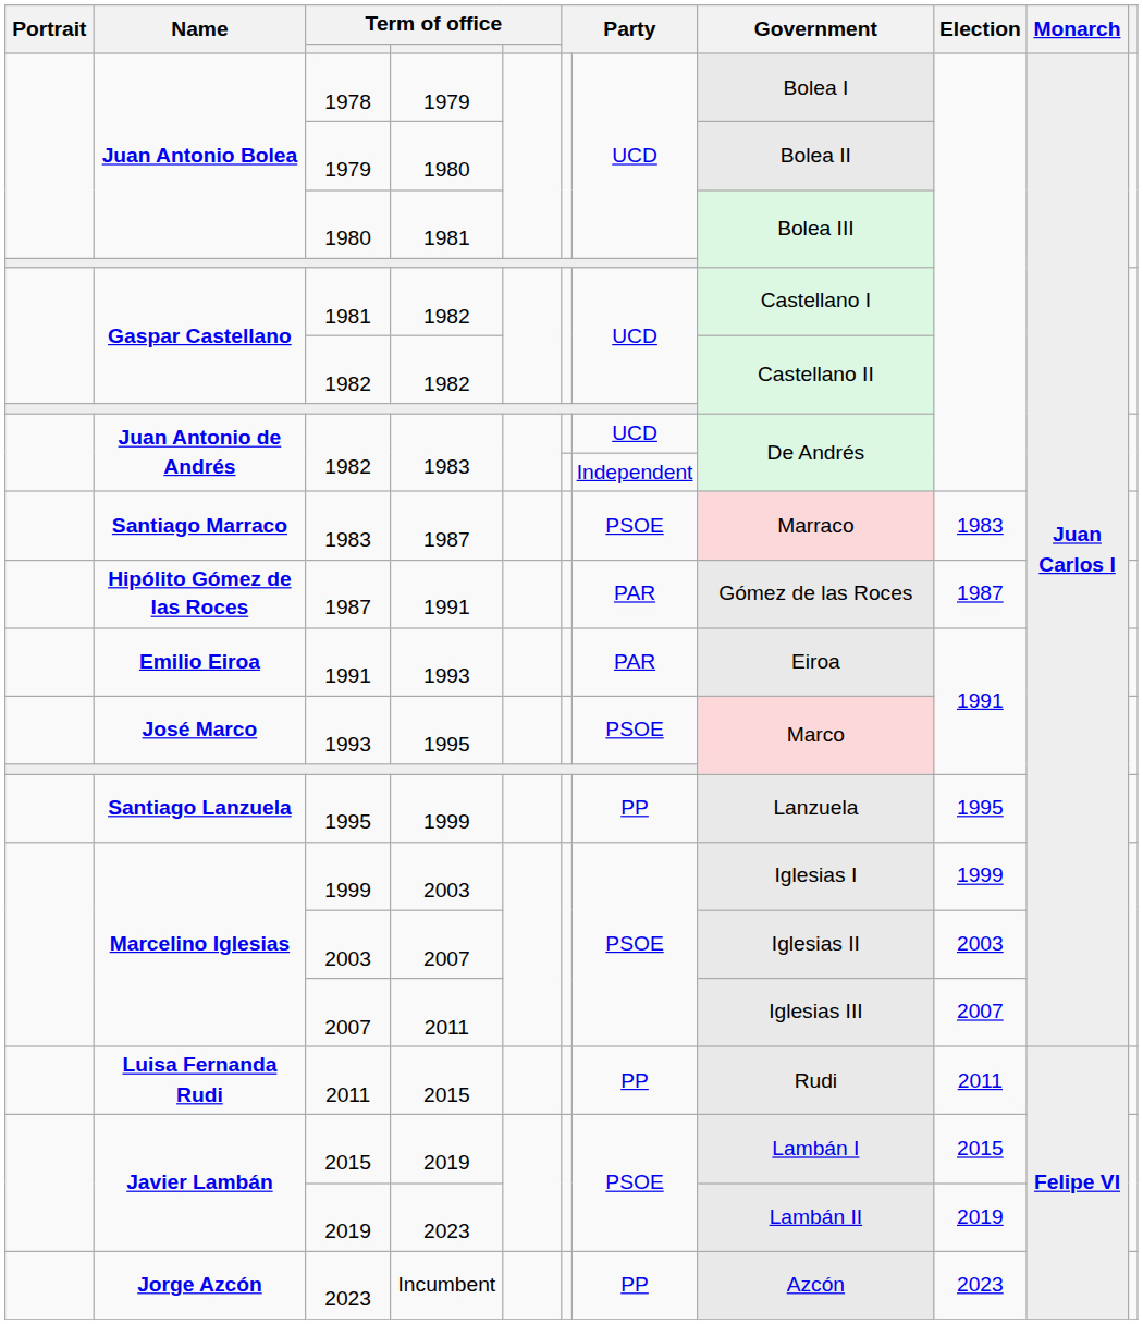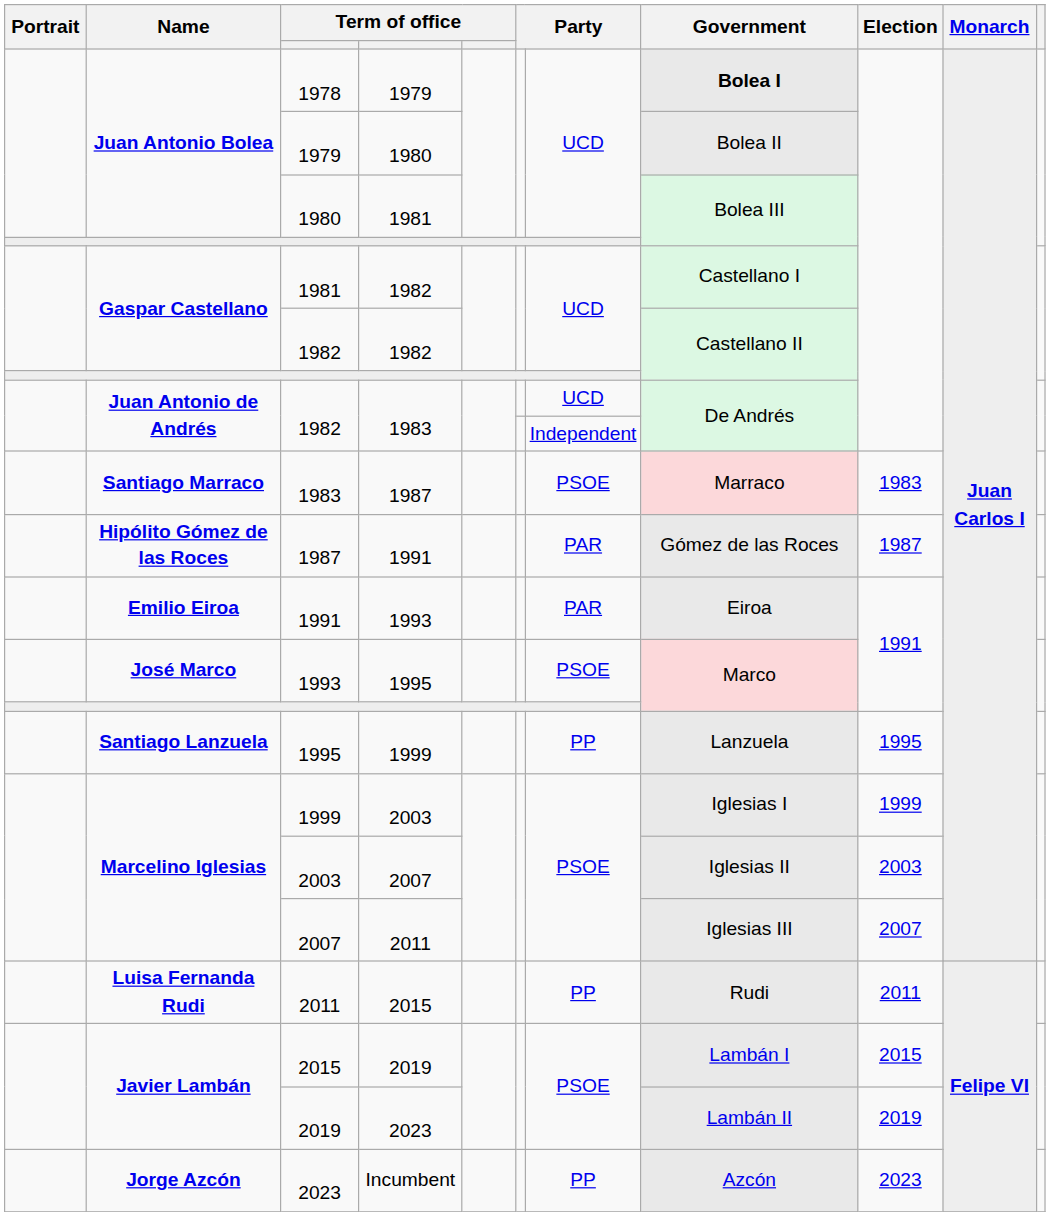 <table class="wikitable" style="line-height:1.4em; text-align:center; border:1px #aaf solid;">
 <tr>
 <th rowspan="2" width="65">Portrait</th>
 <th rowspan="2" width="250">Name<br></th>
 <th colspan="3">Term of office</th>
 <th rowspan="2" colspan="2" width="90">Party</th>
 <th rowspan="2" width="275">Government<br></th>
 <th rowspan="2" width="65">Election</th>
 <th rowspan="2" width="75"><a href='#'>Monarch</a><br></th>
 <th rowspan="2"></th>
 </tr>
 <tr>
 <th width="85"></th>
 <th width="85"></th>
 <th width="85"></th>
 </tr>
 <tr>
 <td rowspan="3" width="65"></td>
 <td rowspan="3"><strong><a href='#'>Juan Antonio Bolea</a></strong><br></td>
 <td class="nowrap"><br>1978</td>
 <td class="nowrap"><br>1979</td>
 <td rowspan="3" style="font-size:95%;"></td>
 <td rowspan="3" width="1" style="color:inherit;background:"></td>
 <td rowspan="3"><a href='#'>UCD</a></td>
-<td style="background:#E9E9E9;">Bolea I<br></td>
+<td style="background:#E9E9E9;"><strong>Bolea I<br></strong></td>
 <td rowspan="9" style="color:#ccc;"></td>
 <td scope="row" style="text-align:center;" rowspan="19" bgcolor="#EEEEEE"><br><strong><a href='#'>Juan Carlos I</a></strong><br><br></td>
 <td rowspan="4"><br><br></td>
 </tr>
 <tr>
 <td class="nowrap"><br>1979</td>
 <td class="nowrap"><br>1980</td>
 <td style="background:#E9E9E9;">Bolea II<br></td>
 </tr>
 <tr>
 <td class="nowrap"><br>1980</td>
 <td class="nowrap"><br>1981<br></td>
 <td rowspan="2" style="background:#DCF8E3;">Bolea III<br></td>
 </tr>
 <tr>
 <td colspan="7" style="background:#EEEEEE;"></td>
 </tr>
 <tr>
 <td rowspan="2"></td>
 <td rowspan="2"><strong><a href='#'>Gaspar Castellano</a></strong><br></td>
 <td class="nowrap"><br>1981</td>
 <td class="nowrap"><br>1982</td>
 <td rowspan="2" style="font-size:95%;"></td>
 <td rowspan="2" style="color:inherit;background:"></td>
 <td rowspan="2"><a href='#'>UCD</a></td>
 <td style="background:#DCF8E3;">Castellano I<br></td>
 <td rowspan="3"><br><br><br><br></td>
 </tr>
 <tr>
 <td class="nowrap"><br>1982</td>
 <td class="nowrap"><br>1982<br></td>
 <td rowspan="2" style="background:#DCF8E3;">Castellano II<br></td>
 </tr>
 <tr>
 <td colspan="7" style="background:#EEEEEE;"></td>
 </tr>
 <tr>
 <td rowspan="2"></td>
 <td rowspan="2"><strong><a href='#'>Juan Antonio de Andrés</a></strong><br></td>
 <td rowspan="2" class="nowrap"><br>1982</td>
 <td rowspan="2" class="nowrap"><br>1983</td>
 <td rowspan="2" style="font-size:95%;"></td>
 <td style="color:inherit;background:"></td>
 <td><a href='#'>UCD</a></td>
 <td rowspan="2" style="background:#DCF8E3;">De Andrés<br></td>
 <td rowspan="2"><br><br></td>
 </tr>
 <tr>
 <td style="color:inherit;background:"></td>
 <td><a href='#'>Independent</a></td>
 </tr>
 <tr>
 <td></td>
 <td><strong><a href='#'>Santiago Marraco</a></strong><br></td>
 <td class="nowrap"><br>1983</td>
 <td class="nowrap"><br>1987</td>
 <td style="font-size:95%;"></td>
 <td style="color:inherit;background:"></td>
 <td><a href='#'>PSOE</a></td>
 <td style="background:#FCD8DA;">Marraco<br></td>
 <td><a href='#'>1983</a></td>
 <td><br></td>
 </tr>
 <tr>
 <td></td>
 <td><strong><a href='#'>Hipólito Gómez de las Roces</a></strong><br></td>
 <td class="nowrap"><br>1987</td>
 <td class="nowrap"><br>1991</td>
 <td style="font-size:95%;"></td>
 <td style="color:inherit;background:"></td>
 <td><a href='#'>PAR</a></td>
 <td style="background:#E9E9E9;">Gómez de las Roces<br></td>
 <td><a href='#'>1987</a></td>
 <td><br></td>
 </tr>
 <tr>
 <td></td>
 <td><strong><a href='#'>Emilio Eiroa</a></strong><br></td>
 <td class="nowrap"><br>1991</td>
 <td class="nowrap"><br>1993<br></td>
 <td style="font-size:95%;"></td>
 <td style="color:inherit;background:"></td>
 <td><a href='#'>PAR</a></td>
 <td style="background:#E9E9E9;">Eiroa<br></td>
 <td rowspan="3"><a href='#'>1991</a></td>
 <td><br></td>
 </tr>
 <tr>
 <td></td>
 <td><strong><a href='#'>José Marco</a></strong><br></td>
 <td class="nowrap"><br>1993</td>
 <td class="nowrap"><br>1995<br></td>
 <td style="font-size:95%;"></td>
 <td style="color:inherit;background:"></td>
 <td><a href='#'>PSOE</a></td>
 <td rowspan="2" style="background:#FCD8DA;">Marco<br></td>
 <td rowspan="2"><br><br></td>
 </tr>
 <tr>
 <td colspan="7" style="background:#EEEEEE;"></td>
 </tr>
 <tr>
 <td></td>
 <td><strong><a href='#'>Santiago Lanzuela</a></strong><br></td>
 <td class="nowrap"><br>1995</td>
 <td class="nowrap"><br>1999</td>
 <td style="font-size:95%;"></td>
 <td style="color:inherit;background:"></td>
 <td><a href='#'>PP</a></td>
 <td style="background:#E9E9E9;">Lanzuela<br></td>
 <td><a href='#'>1995</a></td>
 <td><br></td>
 </tr>
 <tr>
 <td rowspan="3"></td>
 <td rowspan="3"><strong><a href='#'>Marcelino Iglesias</a></strong><br></td>
 <td class="nowrap"><br>1999</td>
 <td class="nowrap"><br>2003</td>
 <td rowspan="3" style="font-size:95%;"></td>
 <td rowspan="3" style="color:inherit;background:"></td>
 <td rowspan="3"><a href='#'>PSOE</a></td>
 <td style="background:#E9E9E9;">Iglesias I<br></td>
 <td><a href='#'>1999</a></td>
 <td rowspan="3"><br><br><br></td>
 </tr>
 <tr>
 <td class="nowrap"><br>2003</td>
 <td class="nowrap"><br>2007</td>
 <td style="background:#E9E9E9;">Iglesias II<br></td>
 <td><a href='#'>2003</a></td>
 </tr>
 <tr>
 <td class="nowrap"><br>2007</td>
 <td class="nowrap"><br>2011</td>
 <td style="background:#E9E9E9;">Iglesias III<br></td>
 <td><a href='#'>2007</a></td>
 </tr>
 <tr>
 <td rowspan="2"></td>
 <td rowspan="2"><strong><a href='#'>Luisa Fernanda Rudi</a></strong><br></td>
 <td rowspan="2" class="nowrap"><br>2011</td>
 <td rowspan="2" class="nowrap"><br>2015</td>
 <td rowspan="2" style="font-size:95%;"></td>
 <td rowspan="2" style="color:inherit;background:"></td>
 <td rowspan="2"><a href='#'>PP</a></td>
 <td rowspan="2" style="background:#E9E9E9;">Rudi<br></td>
 <td rowspan="2"><a href='#'>2011</a></td>
 <td rowspan="2"><br></td>
 </tr>
 <tr>
 <td scope="row" style="text-align:center;" rowspan="4" bgcolor="#EEEEEE"><br><strong><a href='#'>Felipe VI</a></strong><br><br></td>
 </tr>
 <tr>
 <td rowspan="2"></td>
 <td rowspan="2"><strong><a href='#'>Javier Lambán</a></strong><br></td>
 <td class="nowrap"><br>2015</td>
 <td class="nowrap"><br>2019</td>
 <td rowspan="2" style="font-size:95%;"></td>
 <td rowspan="2" style="color:inherit;background:"></td>
 <td rowspan="2"><a href='#'>PSOE</a></td>
 <td style="background:#E9E9E9;"><a href='#'>Lambán I</a><br></td>
 <td><a href='#'>2015</a></td>
 <td rowspan="2"><br><br></td>
 </tr>
 <tr>
 <td class="nowrap"><br>2019</td>
 <td class="nowrap"><br>2023</td>
 <td style="background:#E9E9E9;"><a href='#'>Lambán II</a><br></td>
 <td><a href='#'>2019</a></td>
 </tr>
 <tr>
 <td></td>
 <td><strong><a href='#'>Jorge Azcón</a></strong><br></td>
 <td class="nowrap"><br>2023</td>
 <td class="nowrap">Incumbent</td>
 <td style="font-size:95%;"></td>
 <td rowspan="2" style="color:inherit;background:"></td>
 <td rowspan="2"><a href='#'>PP</a></td>
 <td style="background:#E9E9E9;"><a href='#'>Azcón</a><br></td>
 <td><a href='#'>2023</a></td>
 <td></td>
 </tr>
 </table>
